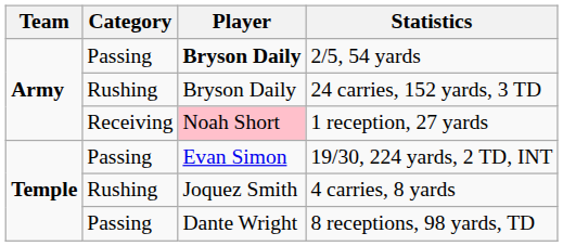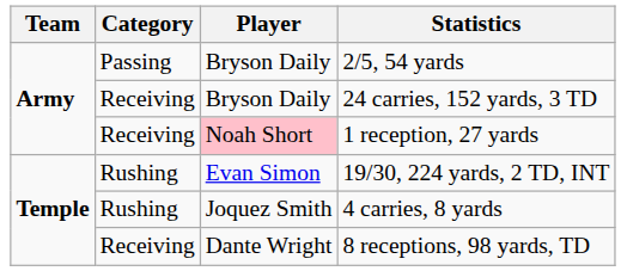 <table class="wikitable" style="float: right;">
 <tr>
 <th>Team</th>
 <th>Category</th>
 <th>Player</th>
 <th>Statistics</th>
 </tr>
 <tr>
 <td rowspan=3><strong>Army</strong></td>
 <td>Passing</td>
-<td><strong>Bryson Daily</strong></td>
+<td>Bryson Daily</td>
 <td>2/5, 54 yards</td>
 </tr>
 <tr>
-<td>Rushing</td>
+<td>Receiving</td>
 <td>Bryson Daily</td>
 <td>24 carries, 152 yards, 3 TD</td>
 </tr>
 <tr>
 <td>Receiving</td>
 <td style="background: pink;">Noah Short</td>
 <td>1 reception, 27 yards</td>
 </tr>
 <tr>
 <td rowspan=3><strong>Temple</strong></td>
-<td>Passing</td>
+<td>Rushing</td>
 <td><a href='#'>Evan Simon</a></td>
 <td>19/30, 224 yards, 2 TD, INT</td>
 </tr>
 <tr>
 <td>Rushing</td>
 <td>Joquez Smith</td>
 <td>4 carries, 8 yards</td>
 </tr>
 <tr>
-<td>Passing</td>
+<td>Receiving</td>
 <td>Dante Wright</td>
 <td>8 receptions, 98 yards, TD</td>
 </tr>
 </table>
